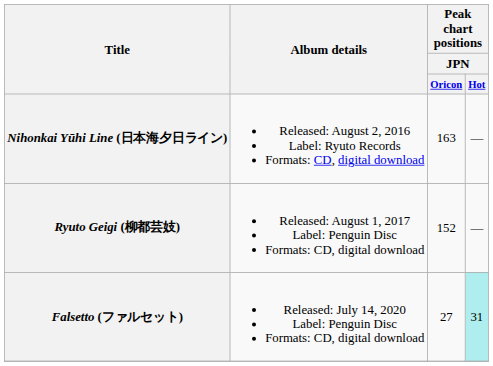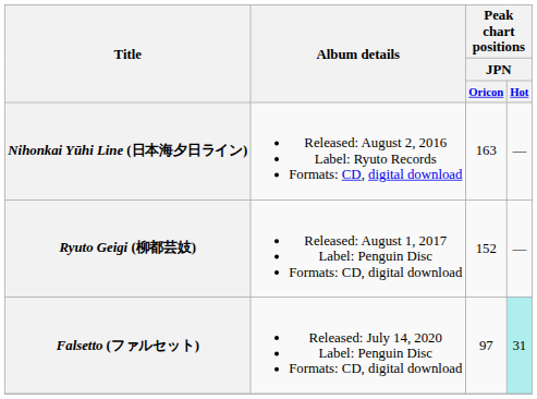 <table class="wikitable plainrowheaders" style="text-align:center;">
 <tr>
 <th scope="col" rowspan="3">Title</th>
 <th scope="col" rowspan="3">Album details</th>
 <th scope="col" colspan="2">Peak <br> chart <br> positions</th>
 </tr>
 <tr>
 <th colspan="2">JPN</th>
 </tr>
 <tr>
 <th scope="col" colspan="1"><small><a href='#'>Oricon</a></small></th>
 <th scope="col" colspan="1"><small><a href='#'>Hot</a></small></th>
 </tr>
 <tr>
 <th scope="row"><em>Nihonkai Yūhi Line</em> (日本海夕日ライン)</th>
 <td><br><ul><li>Released: August 2, 2016</li><li>Label: Ryuto Records</li><li>Formats: <a href='#'>CD</a>, <a href='#'>digital download</a></li></ul></td>
 <td>163</td>
 <td>—</td>
 </tr>
 <tr>
 <th scope="row"><em>Ryuto Geigi</em> (柳都芸妓)</th>
 <td><br><ul><li>Released: August 1, 2017</li><li>Label: Penguin Disc</li><li>Formats: CD, digital download</li></ul></td>
 <td>152</td>
 <td>—</td>
 </tr>
 <tr>
 <th scope="row"><em>Falsetto</em> (ファルセット)</th>
 <td><br><ul><li>Released: July 14, 2020</li><li>Label: Penguin Disc</li><li>Formats: CD, digital download</li></ul></td>
-<td>27</td>
+<td>97</td>
 <td style="background: paleturquoise;">31</td>
 </tr>
 <tr>
 </tr>
 </table>
